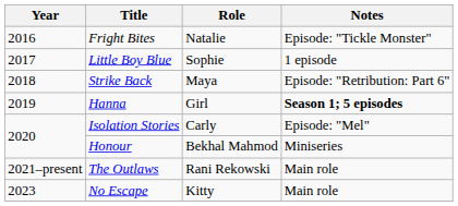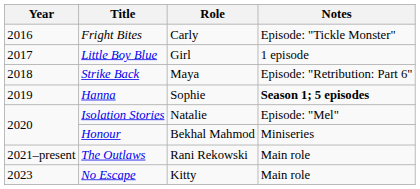 <table class="wikitable sortable">
 <tr>
 <th>Year</th>
 <th>Title</th>
 <th>Role</th>
 <th class="unsortable">Notes</th>
 </tr>
 <tr>
 <td>2016</td>
 <td><em>Fright Bites</em></td>
-<td>Natalie</td>
+<td>Carly</td>
 <td>Episode: "Tickle Monster"</td>
 </tr>
 <tr>
 <td>2017</td>
 <td><em><a href='#'>Little Boy Blue</a></em></td>
-<td>Sophie</td>
+<td>Girl</td>
 <td>1 episode</td>
 </tr>
 <tr>
 <td>2018</td>
 <td><em><a href='#'>Strike Back</a></em></td>
 <td>Maya</td>
 <td>Episode: "Retribution: Part 6"</td>
 </tr>
 <tr>
 <td>2019</td>
 <td><em><a href='#'>Hanna</a></em></td>
-<td>Girl</td>
+<td>Sophie</td>
 <td><strong>Season 1; 5 episodes</strong></td>
 </tr>
 <tr>
 <td rowspan="2">2020</td>
 <td><em><a href='#'>Isolation Stories</a></em></td>
-<td>Carly</td>
+<td>Natalie</td>
 <td>Episode: "Mel"</td>
 </tr>
 <tr>
 <td><em><a href='#'>Honour</a></em></td>
 <td>Bekhal Mahmod</td>
 <td>Miniseries</td>
 </tr>
 <tr>
 <td>2021–present</td>
 <td><em><a href='#'>The Outlaws</a></em></td>
 <td>Rani Rekowski</td>
 <td>Main role</td>
 </tr>
 <tr>
 <td>2023</td>
 <td><em><a href='#'>No Escape</a></em></td>
 <td>Kitty</td>
 <td>Main role</td>
 </tr>
 </table>
